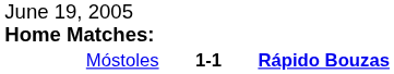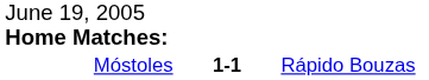 <table width=100% cellspacing=1>
 <tr>
 <th width=20%></th>
 <th width=12%></th>
 <th width=20%></th>
 <th></th>
 </tr>
 <tr>
 <td>June 19, 2005<br><strong>Home Matches:</strong></td>
 </tr>
 <tr style=font-size:90%>
 <td align=right><a href='#'>Móstoles</a></td>
 <td align=center><strong>1-1</strong></td>
-<td><strong><a href='#'>Rápido Bouzas</a></strong></td>
+<td><a href='#'>Rápido Bouzas</a></td>
 </tr>
 </table>
